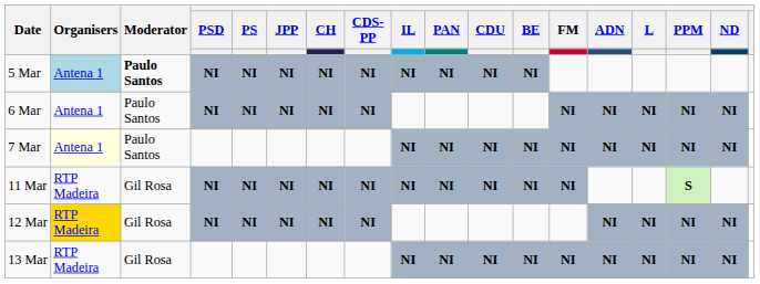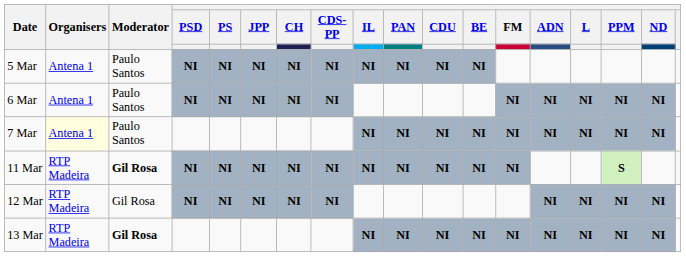 <table class="wikitable" style="font-size:98%; text-align:center;">
 <tr>
 <th rowspan="3">Date</th>
 <th rowspan="3">Organisers</th>
 <th rowspan="3">Moderator</th>
 <th colspan="15">          </th>
 </tr>
 <tr>
 <th scope="col" style="width:5em;"><a href='#'>PSD</a></th>
 <th scope="col" style="width:5em;"><a href='#'>PS</a></th>
 <th scope="col" style="width:5em;"><a href='#'>JPP</a></th>
 <th scope="col" style="width:5em;"><a href='#'>CH</a></th>
 <th scope="col" style="width:5em;"><a href='#'>CDS-PP</a></th>
 <th scope="col" style="width:5em;"><a href='#'>IL</a></th>
 <th scope="col" style="width:5em;"><a href='#'>PAN</a></th>
 <th scope="col" style="width:5em;"><a href='#'>CDU</a></th>
 <th scope="col" style="width:5em;"><a href='#'>BE</a></th>
 <th scope="col" style="width:5em;">FM</th>
 <th scope="col" style="width:5em;"><a href='#'>ADN</a></th>
 <th scope="col" style="width:5em;"><a href='#'>L</a></th>
 <th scope="col" style="width:5em;"><a href='#'>PPM</a></th>
 <th scope="col" style="width:5em;"><a href='#'>ND</a></th>
 <th rowspan="2"></th>
 </tr>
 <tr>
 <th style="color:inherit;background:"></th>
 <th style="color:inherit;background:"></th>
 <th style="color:inherit;background:"></th>
 <th style="color:inherit;background:#202056;"></th>
 <th style="color:inherit;background:"></th>
 <th style="color:inherit;background:#00ADEF;"></th>
 <th style="color:inherit;background:teal;"></th>
 <th style="color:inherit;background:"></th>
 <th style="color:inherit;background:"></th>
 <th style="color:inherit;background:#CC0033;"></th>
 <th style="color:inherit;background:#274E82;"></th>
 <th style="color:inherit;background:"></th>
 <th style="color:inherit;background:"></th>
 <th style="color:inherit;background:#003F75;"></th>
 </tr>
 <tr>
 <td style="white-space:nowrap; text-align:left;">5 Mar</td>
-<td style="background: lightblue; white-space:nowrap; text-align:left;"><a href='#'>Antena 1</a></td>
-<td style="white-space:nowrap; text-align:left;"><strong>Paulo<br>Santos</strong></td>
+<td style="white-space:nowrap; text-align:left;"><a href='#'>Antena 1</a></td>
+<td style="white-space:nowrap; text-align:left;">Paulo<br>Santos</td>
 <td style="background:#A2B2C2;"><strong>NI</strong></td>
 <td style="background:#A2B2C2;"><strong>NI</strong></td>
 <td style="background:#A2B2C2;"><strong>NI</strong></td>
 <td style="background:#A2B2C2;"><strong>NI</strong></td>
 <td style="background:#A2B2C2;"><strong>NI</strong></td>
 <td style="background:#A2B2C2;"><strong>NI</strong></td>
 <td style="background:#A2B2C2;"><strong>NI</strong></td>
 <td style="background:#A2B2C2;"><strong>NI</strong></td>
 <td style="background:#A2B2C2;"><strong>NI</strong></td>
 <td></td>
 <td></td>
 <td></td>
 <td></td>
 <td></td>
 <td></td>
 </tr>
 <tr>
 <td style="white-space:nowrap; text-align:left;">6 Mar</td>
 <td style="white-space:nowrap; text-align:left;"><a href='#'>Antena 1</a></td>
 <td style="white-space:nowrap; text-align:left;">Paulo<br>Santos</td>
 <td style="background:#A2B2C2;"><strong>NI</strong></td>
 <td style="background:#A2B2C2;"><strong>NI</strong></td>
 <td style="background:#A2B2C2;"><strong>NI</strong></td>
 <td style="background:#A2B2C2;"><strong>NI</strong></td>
 <td style="background:#A2B2C2;"><strong>NI</strong></td>
 <td></td>
 <td></td>
 <td></td>
 <td></td>
 <td style="background:#A2B2C2;"><strong>NI</strong></td>
 <td style="background:#A2B2C2;"><strong>NI</strong></td>
 <td style="background:#A2B2C2;"><strong>NI</strong></td>
 <td style="background:#A2B2C2;"><strong>NI</strong></td>
 <td style="background:#A2B2C2;"><strong>NI</strong></td>
 <td></td>
 </tr>
 <tr>
 <td style="white-space:nowrap; text-align:left;">7 Mar</td>
 <td style="background: lightyellow; white-space:nowrap; text-align:left;"><a href='#'>Antena 1</a></td>
 <td style="white-space:nowrap; text-align:left;">Paulo<br>Santos</td>
 <td></td>
 <td></td>
 <td></td>
 <td></td>
 <td></td>
 <td style="background:#A2B2C2;"><strong>NI</strong></td>
 <td style="background:#A2B2C2;"><strong>NI</strong></td>
 <td style="background:#A2B2C2;"><strong>NI</strong></td>
 <td style="background:#A2B2C2;"><strong>NI</strong></td>
 <td style="background:#A2B2C2;"><strong>NI</strong></td>
 <td style="background:#A2B2C2;"><strong>NI</strong></td>
 <td style="background:#A2B2C2;"><strong>NI</strong></td>
 <td style="background:#A2B2C2;"><strong>NI</strong></td>
 <td style="background:#A2B2C2;"><strong>NI</strong></td>
 <td></td>
 </tr>
 <tr>
 <td style="white-space:nowrap; text-align:left;">11 Mar</td>
 <td style="white-space:nowrap; text-align:left;"><a href='#'>RTP<br>Madeira</a></td>
-<td style="white-space:nowrap; text-align:left;">Gil Rosa</td>
+<td style="white-space:nowrap; text-align:left;"><strong>Gil Rosa</strong></td>
 <td style="background:#A2B2C2;"><strong>NI</strong></td>
 <td style="background:#A2B2C2;"><strong>NI</strong></td>
 <td style="background:#A2B2C2;"><strong>NI</strong></td>
 <td style="background:#A2B2C2;"><strong>NI</strong></td>
 <td style="background:#A2B2C2;"><strong>NI</strong></td>
 <td style="background:#A2B2C2;"><strong>NI</strong></td>
 <td style="background:#A2B2C2;"><strong>NI</strong></td>
 <td style="background:#A2B2C2;"><strong>NI</strong></td>
 <td style="background:#A2B2C2;"><strong>NI</strong></td>
 <td style="background:#A2B2C2;"><strong>NI</strong></td>
 <td></td>
 <td></td>
 <td style="background:#D0F0C0;"><strong>S</strong><br></td>
 <td></td>
 <td></td>
 </tr>
 <tr>
 <td style="white-space:nowrap; text-align:left;">12 Mar</td>
-<td style="background: gold; white-space:nowrap; text-align:left;"><a href='#'>RTP<br>Madeira</a></td>
+<td style="white-space:nowrap; text-align:left;"><a href='#'>RTP<br>Madeira</a></td>
 <td style="white-space:nowrap; text-align:left;">Gil Rosa</td>
 <td style="background:#A2B2C2;"><strong>NI</strong></td>
 <td style="background:#A2B2C2;"><strong>NI</strong></td>
 <td style="background:#A2B2C2;"><strong>NI</strong></td>
 <td style="background:#A2B2C2;"><strong>NI</strong></td>
 <td style="background:#A2B2C2;"><strong>NI</strong></td>
 <td></td>
 <td></td>
 <td></td>
 <td></td>
 <td></td>
 <td style="background:#A2B2C2;"><strong>NI</strong></td>
 <td style="background:#A2B2C2;"><strong>NI</strong></td>
 <td style="background:#A2B2C2;"><strong>NI</strong></td>
 <td style="background:#A2B2C2;"><strong>NI</strong></td>
 <td></td>
 </tr>
 <tr>
 <td style="white-space:nowrap; text-align:left;">13 Mar</td>
 <td style="white-space:nowrap; text-align:left;"><a href='#'>RTP<br>Madeira</a></td>
-<td style="white-space:nowrap; text-align:left;">Gil Rosa</td>
+<td style="white-space:nowrap; text-align:left;"><strong>Gil Rosa</strong></td>
 <td></td>
 <td></td>
 <td></td>
 <td></td>
 <td></td>
 <td style="background:#A2B2C2;"><strong>NI</strong></td>
 <td style="background:#A2B2C2;"><strong>NI</strong></td>
 <td style="background:#A2B2C2;"><strong>NI</strong></td>
 <td style="background:#A2B2C2;"><strong>NI</strong></td>
 <td style="background:#A2B2C2;"><strong>NI</strong></td>
 <td style="background:#A2B2C2;"><strong>NI</strong></td>
 <td style="background:#A2B2C2;"><strong>NI</strong></td>
 <td style="background:#A2B2C2;"><strong>NI</strong></td>
 <td style="background:#A2B2C2;"><strong>NI</strong></td>
 <td></td>
 </tr>
 </table>
